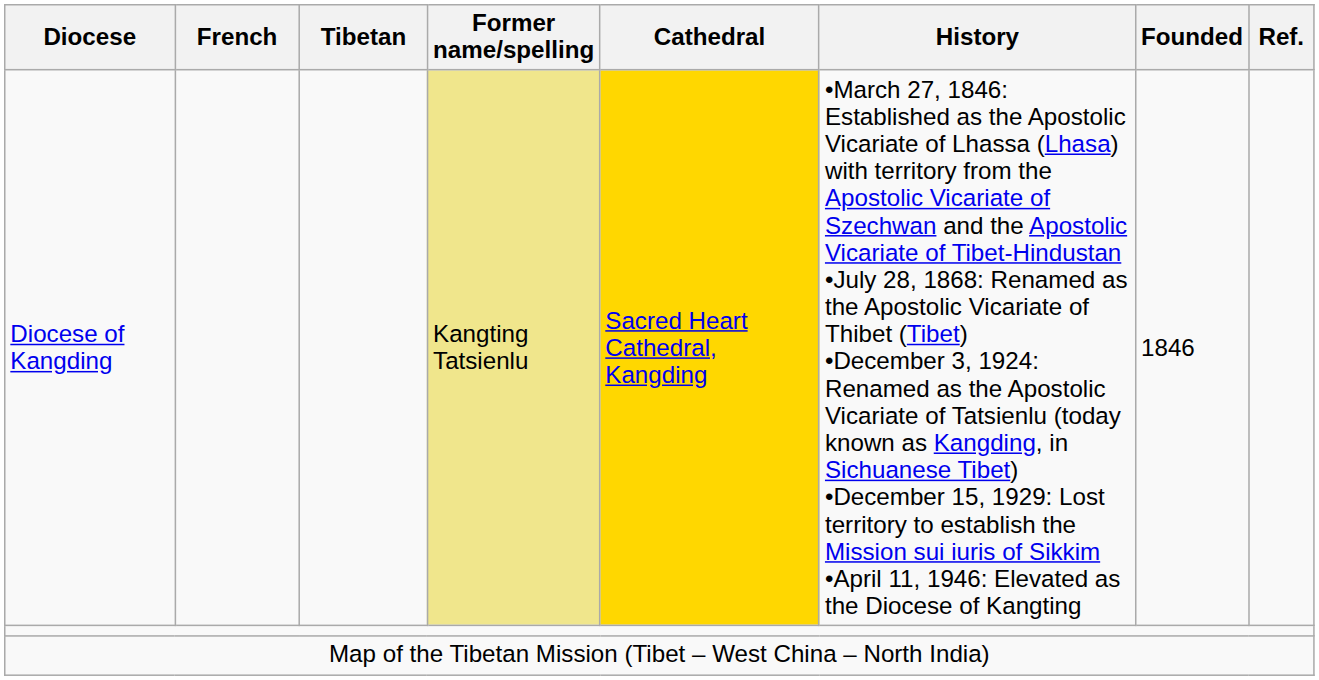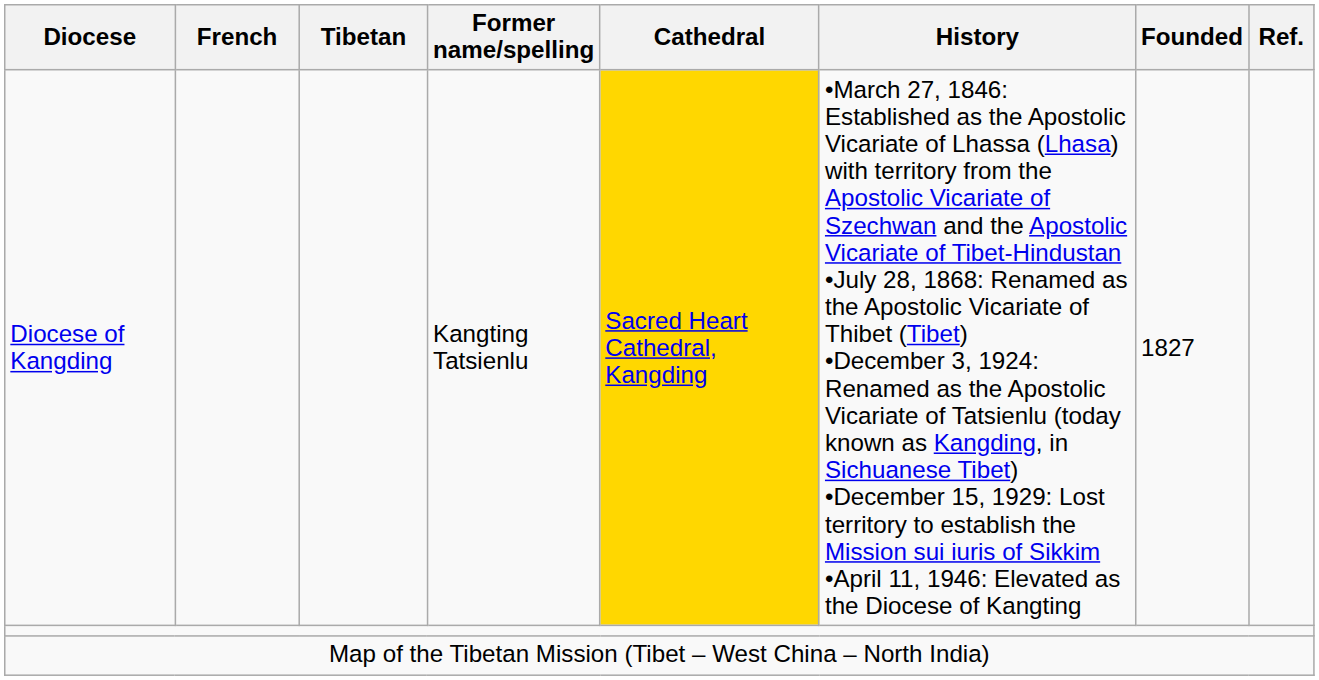 <table class=wikitable>
 <tr>
 <th scope="col" width="200">Diocese</th>
 <th scope="col" width="130">French</th>
 <th scope="col" width="130">Tibetan</th>
 <th scope="col" width="50">Former name/spelling</th>
 <th scope="col" width="300">Cathedral</th>
 <th scope="col" width="500">History</th>
 <th scope="col" width="50">Founded</th>
 <th scope="col" width="50">Ref.</th>
 </tr>
 <tr>
 <td><a href='#'>Diocese of Kangding</a></td>
 <td></td>
 <td></td>
-<td style="background: khaki;">Kangting<br>Tatsienlu</td>
+<td>Kangting<br>Tatsienlu</td>
 <td style="background: gold;"><a href='#'>Sacred Heart Cathedral, Kangding</a></td>
 <td>•March 27, 1846: Established as the Apostolic Vicariate of Lhassa (<a href='#'>Lhasa</a>) with territory from the <a href='#'>Apostolic Vicariate of Szechwan</a> and the <a href='#'>Apostolic Vicariate of Tibet-Hindustan</a><br>•July 28, 1868: Renamed as the Apostolic Vicariate of Thibet (<a href='#'>Tibet</a>)<br> •December 3, 1924: Renamed as the Apostolic Vicariate of Tatsienlu (today known as <a href='#'>Kangding</a>, in <a href='#'>Sichuanese Tibet</a>)<br> •December 15, 1929: Lost territory to establish the <a href='#'>Mission sui iuris of Sikkim</a><br> •April 11, 1946: Elevated as the Diocese of Kangting</td>
-<td>1846</td>
+<td>1827</td>
 <td></td>
 </tr>
 <tr>
 <td colspan=8></td>
 </tr>
 <tr>
 <td colspan=8 style="text-align:center;">Map of the Tibetan Mission (Tibet – West China – North India)</td>
 </tr>
 </table>
